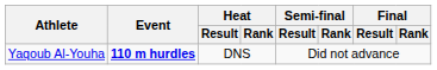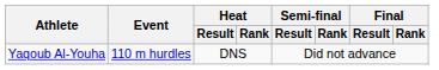 <table class=wikitable style=font-size:90%>
 <tr>
 <th rowspan=2>Athlete</th>
 <th rowspan=2>Event</th>
 <th colspan=2>Heat</th>
 <th colspan=2>Semi-final</th>
 <th colspan=2>Final</th>
 </tr>
 <tr style=font-size:95%>
 <th>Result</th>
 <th>Rank</th>
 <th>Result</th>
 <th>Rank</th>
 <th>Result</th>
 <th>Rank</th>
 </tr>
 <tr align=center>
 <td align=left><a href='#'>Yaqoub Al-Youha</a></td>
-<td align=left><strong><a href='#'>110 m hurdles</a></strong></td>
+<td align=left><a href='#'>110 m hurdles</a></td>
 <td colspan="2">DNS</td>
 <td colspan="4">Did not advance</td>
 </tr>
 </table>
